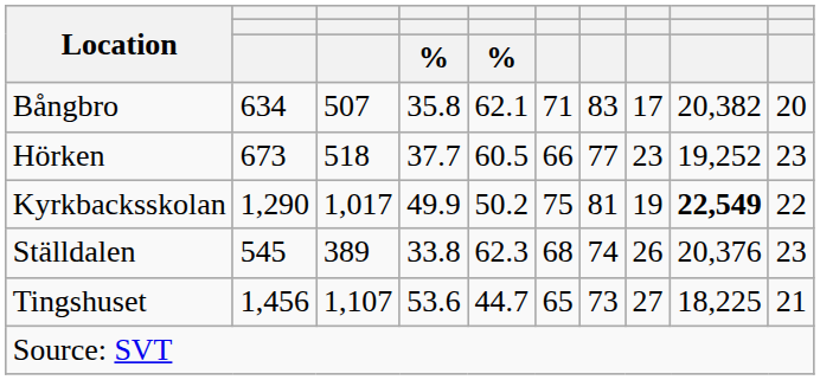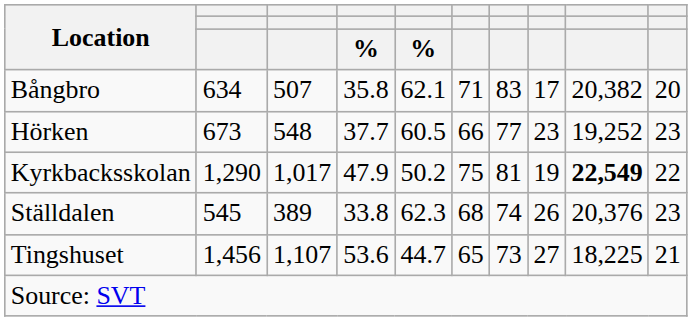 <table role="presentation" class="wikitable sortable mw-collapsible">
 <tr>
 <th rowspan="3">Location</th>
 <th></th>
 <th></th>
 <th></th>
 <th></th>
 <th></th>
 <th></th>
 <th></th>
 <th></th>
 <th></th>
 </tr>
 <tr>
 <th></th>
 <th></th>
 <th style="background:"></th>
 <th style="background:"></th>
 <th></th>
 <th></th>
 <th></th>
 <th></th>
 <th></th>
 </tr>
 <tr>
 <th data-sort-type="number"></th>
 <th data-sort-type="number"></th>
 <th data-sort-type="number">%</th>
 <th data-sort-type="number">%</th>
 <th data-sort-type="number"></th>
 <th data-sort-type="number"></th>
 <th data-sort-type="number"></th>
 <th data-sort-type="number"></th>
 <th data-sort-type="number"></th>
 </tr>
 <tr>
 <td align="left">Bångbro</td>
 <td>634</td>
 <td>507</td>
 <td>35.8</td>
 <td>62.1</td>
 <td>71</td>
 <td>83</td>
 <td>17</td>
 <td>20,382</td>
 <td>20</td>
 </tr>
 <tr>
 <td align="left">Hörken</td>
 <td>673</td>
-<td>518</td>
+<td>548</td>
 <td>37.7</td>
 <td>60.5</td>
 <td>66</td>
 <td>77</td>
 <td>23</td>
 <td>19,252</td>
 <td>23</td>
 </tr>
 <tr>
 <td align="left">Kyrkbacksskolan</td>
 <td>1,290</td>
 <td>1,017</td>
-<td>49.9</td>
+<td>47.9</td>
 <td>50.2</td>
 <td>75</td>
 <td>81</td>
 <td>19</td>
 <td><strong>22,549</strong></td>
 <td>22</td>
 </tr>
 <tr>
 <td align="left">Ställdalen</td>
 <td>545</td>
 <td>389</td>
 <td>33.8</td>
 <td>62.3</td>
 <td>68</td>
 <td>74</td>
 <td>26</td>
 <td>20,376</td>
 <td>23</td>
 </tr>
 <tr>
 <td align="left">Tingshuset</td>
 <td>1,456</td>
 <td>1,107</td>
 <td>53.6</td>
 <td>44.7</td>
 <td>65</td>
 <td>73</td>
 <td>27</td>
 <td>18,225</td>
 <td>21</td>
 </tr>
 <tr>
 <td colspan="10" align="left">Source: <a href='#'>SVT</a></td>
 </tr>
 </table>
